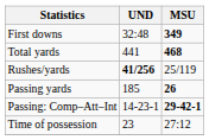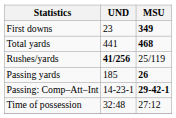 <table class="wikitable" style="float: left;">
 <tr>
 <th>Statistics</th>
 <th>UND</th>
 <th>MSU</th>
 </tr>
 <tr>
 <td>First downs</td>
-<td>32:48</td>
+<td>23</td>
 <td><strong>349</strong></td>
 </tr>
 <tr>
 <td>Total yards</td>
 <td>441</td>
 <td><strong>468</strong></td>
 </tr>
 <tr>
 <td>Rushes/yards</td>
 <td><strong>41/256</strong></td>
 <td>25/119</td>
 </tr>
 <tr>
 <td>Passing yards</td>
 <td>185</td>
 <td><strong>26</strong></td>
 </tr>
 <tr>
 <td>Passing: Comp–Att–Int</td>
 <td>14-23-1</td>
 <td><strong>29-42-1</strong></td>
 </tr>
 <tr>
 <td>Time of possession</td>
-<td>23</td>
+<td>32:48</td>
 <td>27:12</td>
 </tr>
 <tr>
 </tr>
 </table>
